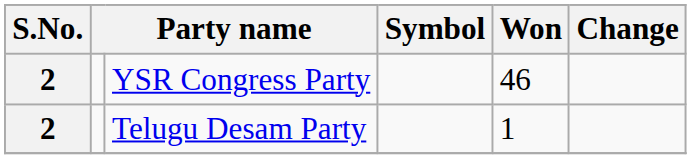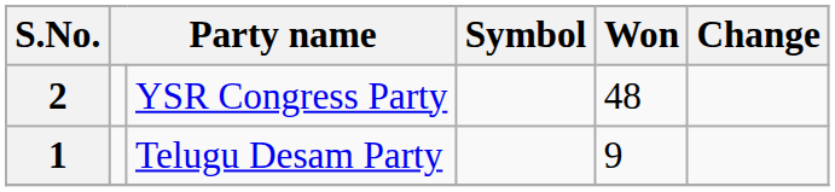 <table CLASS="sortable wikitable">
 <tr>
 <th>S.No.</th>
 <th colspan=2>Party name</th>
 <th>Symbol</th>
 <th>Won</th>
 <th>Change</th>
 </tr>
 <tr>
 <th>2</th>
 <td></td>
 <td><a href='#'>YSR Congress Party</a></td>
 <td></td>
-<td>46</td>
+<td>48</td>
 <td></td>
 </tr>
 <tr>
-<th>2</th>
+<th>1</th>
 <td></td>
 <td><a href='#'>Telugu Desam Party</a></td>
 <td></td>
-<td>1</td>
+<td>9</td>
 <td></td>
 </tr>
 <tr>
 </tr>
 </table>
